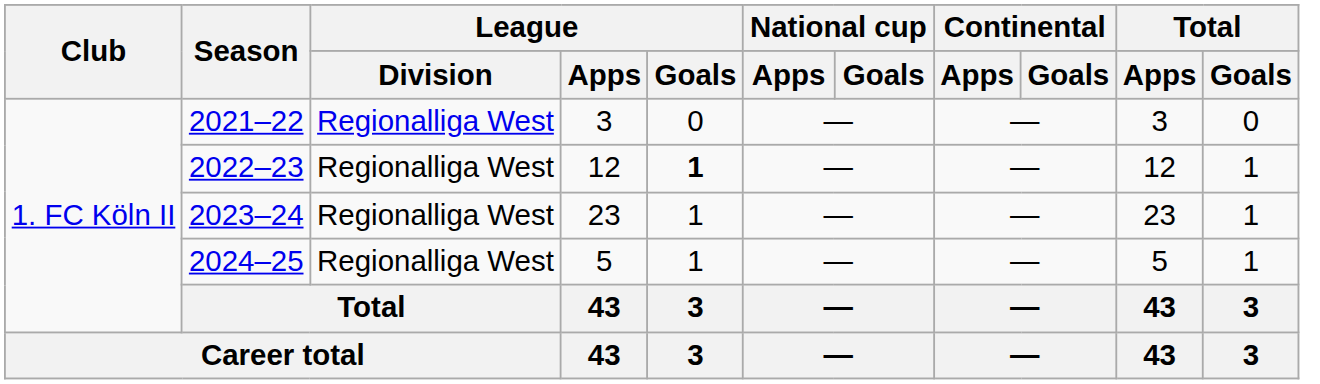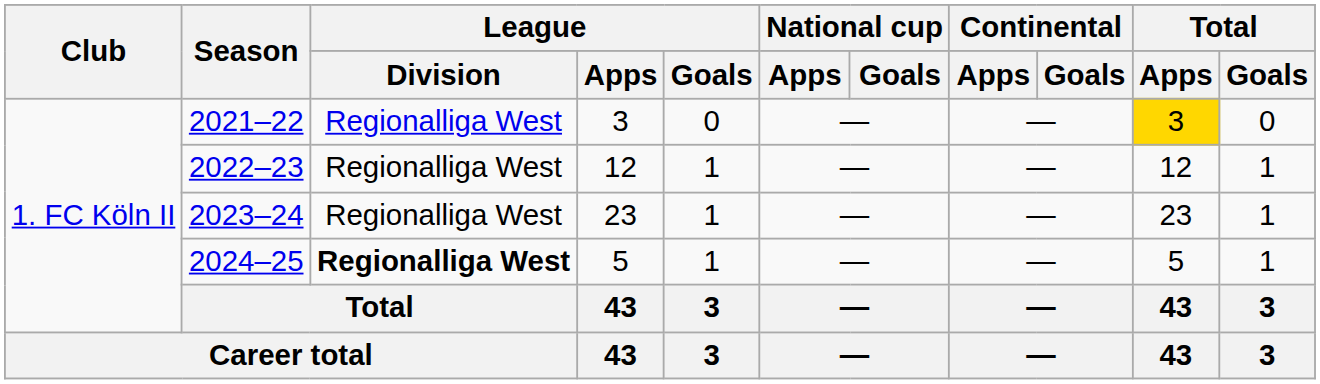 <table class="wikitable" style="text-align:center">
 <tr>
 <th rowspan=2>Club</th>
 <th rowspan=2>Season</th>
 <th colspan=3>League</th>
 <th colspan=2>National cup</th>
 <th colspan=2>Continental</th>
 <th colspan=2>Total</th>
 </tr>
 <tr>
 <th>Division</th>
 <th>Apps</th>
 <th>Goals</th>
 <th>Apps</th>
 <th>Goals</th>
 <th>Apps</th>
 <th>Goals</th>
 <th>Apps</th>
 <th>Goals</th>
 </tr>
 <tr>
 <td rowspan=5><a href='#'>1. FC Köln II</a></td>
 <td><a href='#'>2021–22</a></td>
 <td><a href='#'>Regionalliga West</a></td>
 <td>3</td>
 <td>0</td>
 <td colspan=2>—</td>
 <td colspan=2>—</td>
-<td>3</td>
+<td style="background: gold;">3</td>
 <td>0</td>
 </tr>
 <tr>
 <td><a href='#'>2022–23</a></td>
 <td>Regionalliga West</td>
 <td>12</td>
-<td><strong>1</strong></td>
+<td>1</td>
 <td colspan=2>—</td>
 <td colspan=2>—</td>
 <td>12</td>
 <td>1</td>
 </tr>
 <tr>
 <td><a href='#'>2023–24</a></td>
 <td>Regionalliga West</td>
 <td>23</td>
 <td>1</td>
 <td colspan=2>—</td>
 <td colspan=2>—</td>
 <td>23</td>
 <td>1</td>
 </tr>
 <tr>
 <td><a href='#'>2024–25</a></td>
-<td>Regionalliga West</td>
+<td><strong>Regionalliga West</strong></td>
 <td>5</td>
 <td>1</td>
 <td colspan=2>—</td>
 <td colspan=2>—</td>
 <td>5</td>
 <td>1</td>
 </tr>
 <tr>
 <th colspan=2>Total</th>
 <th>43</th>
 <th>3</th>
 <th colspan=2>—</th>
 <th colspan=2>—</th>
 <th>43</th>
 <th>3</th>
 </tr>
 <tr>
 <th colspan=3>Career total</th>
 <th>43</th>
 <th>3</th>
 <th colspan=2>—</th>
 <th colspan=2>—</th>
 <th>43</th>
 <th>3</th>
 </tr>
 </table>
